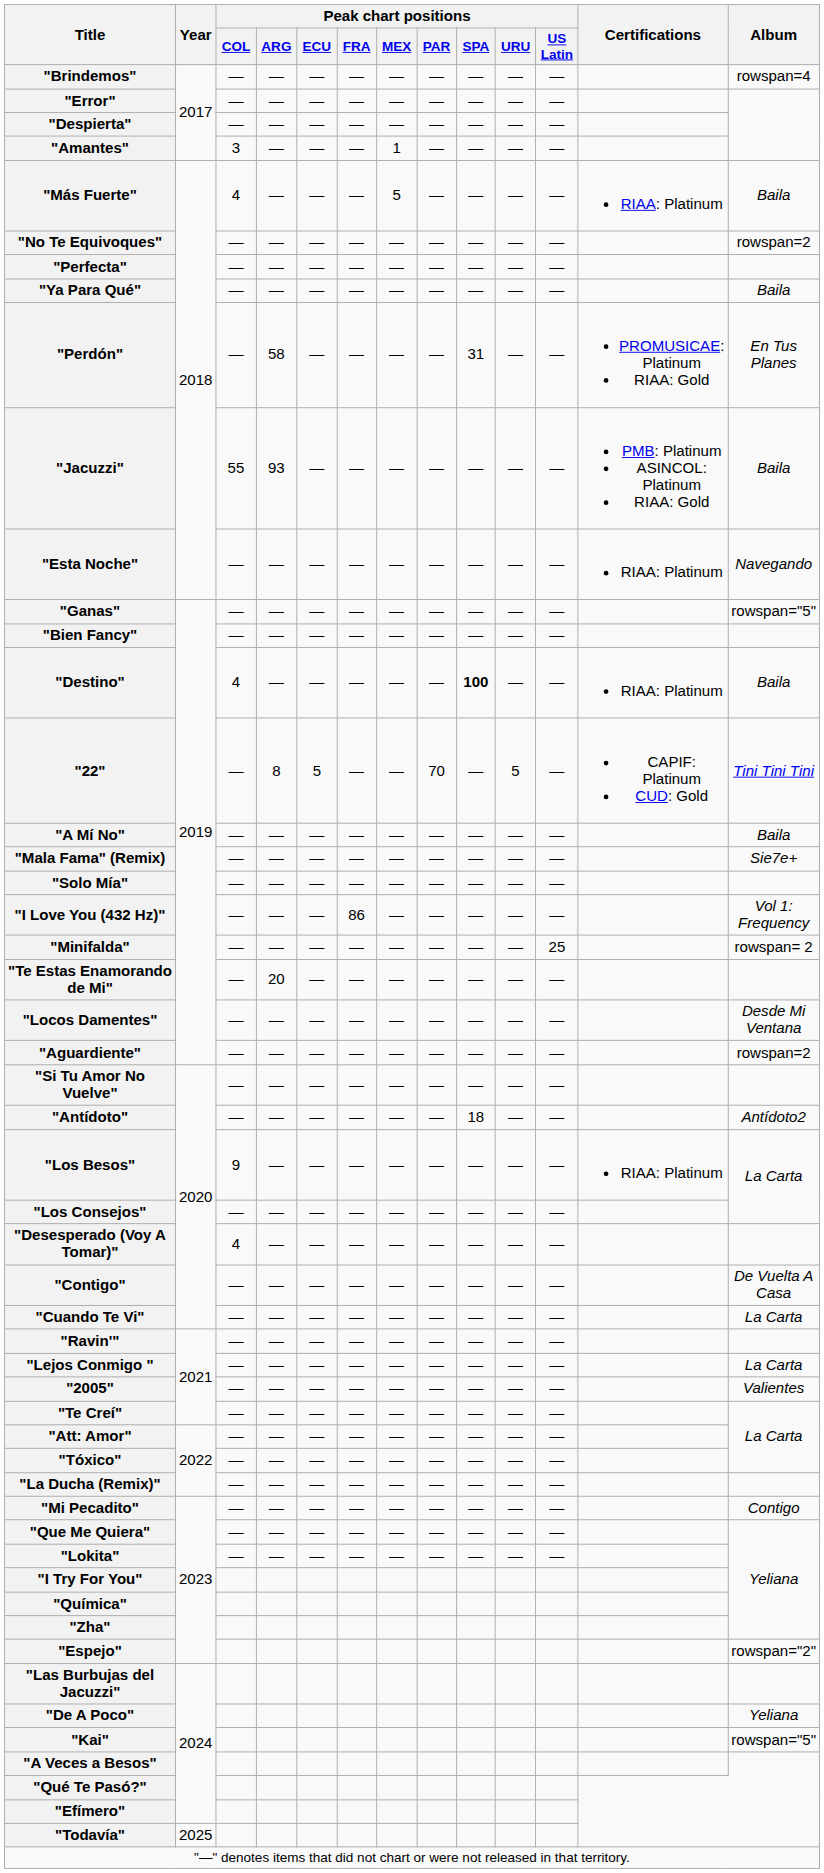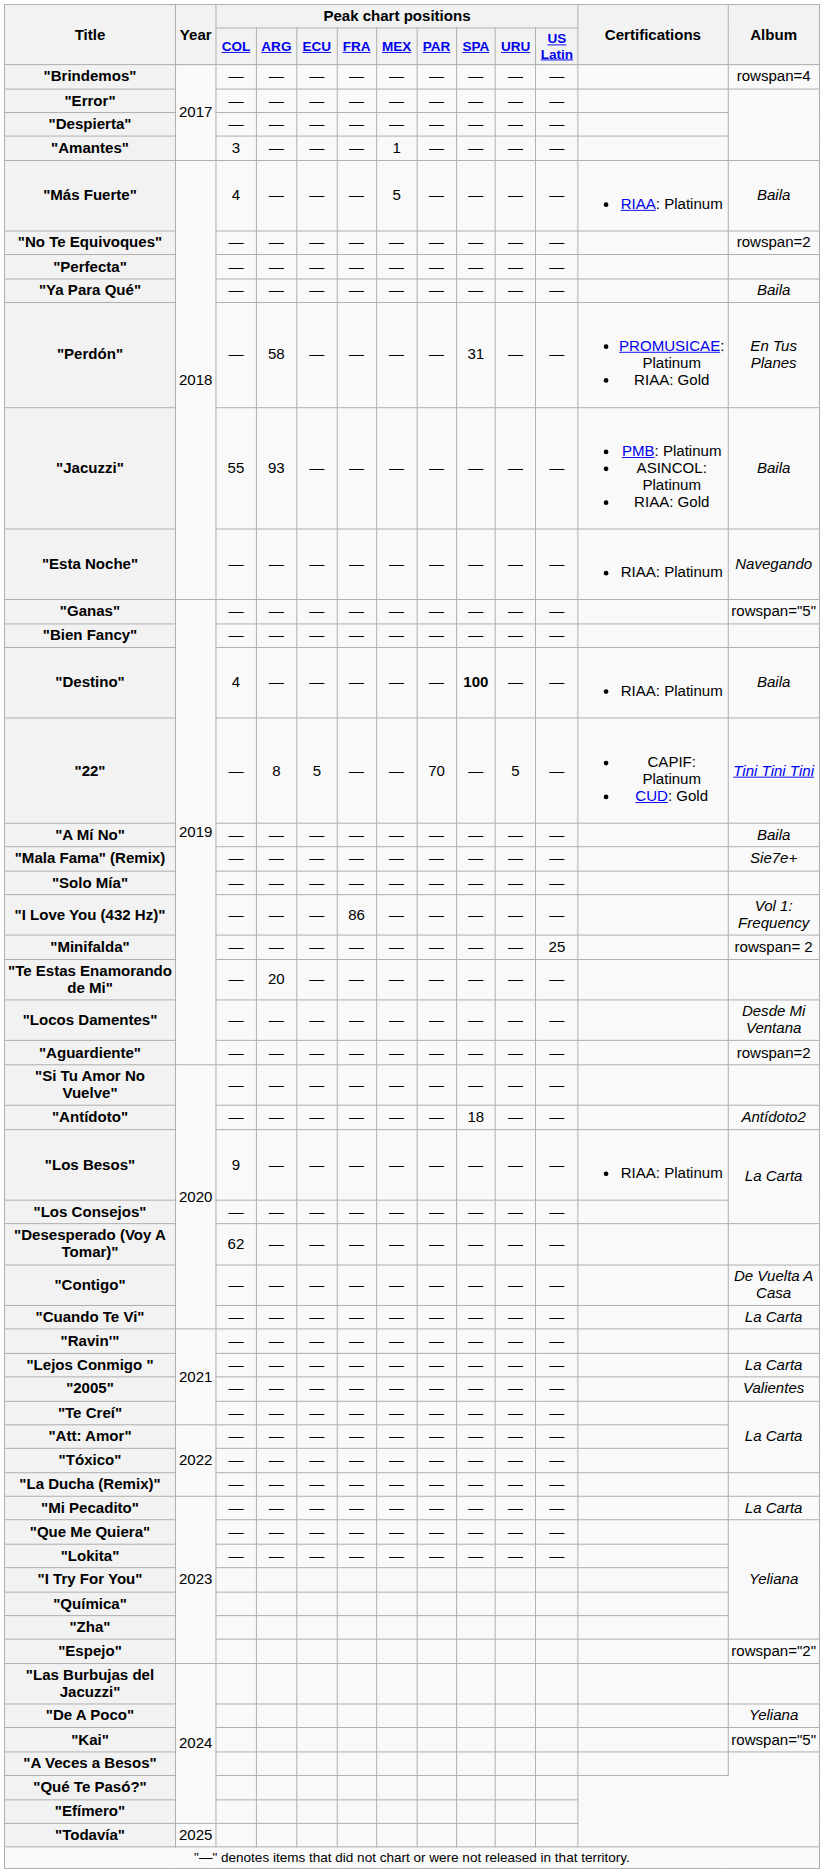 <table class="wikitable plainrowheaders" style="text-align:center;">
 <tr>
 <th scope="col" rowspan="2" style="width:16.5em;">Title</th>
 <th scope="col" rowspan="2" style="width:1em;">Year</th>
 <th colspan="9">Peak chart positions</th>
 <th scope="col" rowspan="2">Certifications</th>
 <th scope="col" rowspan="2">Album</th>
 </tr>
 <tr>
 <th scope="col" style="width:3em;font-size:90%;"><a href='#'>COL</a><br></th>
 <th scope="col" style="width:3em;font-size:90%;"><a href='#'>ARG</a><br></th>
 <th scope="col" style="width:3em;font-size:90%;"><a href='#'>ECU</a><br></th>
 <th scope="col" style="width:3em;font-size:90%;"><a href='#'>FRA</a><br></th>
 <th scope="col" style="width:3em;font-size:90%;"><a href='#'>MEX</a><br></th>
 <th scope="col" style="width:3em;font-size:90%;"><a href='#'>PAR</a><br></th>
 <th scope="col" style="width:3em;font-size:90%;"><a href='#'>SPA</a><br></th>
 <th scope="col" style="width:3em;font-size:90%;"><a href='#'>URU</a><br></th>
 <th scope="col" style="width:3em;font-size:90%;"><a href='#'>US<br>Latin</a><br></th>
 </tr>
 <tr>
 <th scope="row">"Brindemos"</th>
 <td rowspan="4">2017</td>
 <td>—</td>
 <td>—</td>
 <td>—</td>
 <td>—</td>
 <td>—</td>
 <td>—</td>
 <td>—</td>
 <td>—</td>
 <td>—</td>
 <td></td>
 <td>rowspan=4 </td>
 </tr>
 <tr>
 <th scope="row">"Error"</th>
 <td>—</td>
 <td>—</td>
 <td>—</td>
 <td>—</td>
 <td>—</td>
 <td>—</td>
 <td>—</td>
 <td>—</td>
 <td>—</td>
 <td></td>
 </tr>
 <tr>
 <th scope="row">"Despierta"</th>
 <td>—</td>
 <td>—</td>
 <td>—</td>
 <td>—</td>
 <td>—</td>
 <td>—</td>
 <td>—</td>
 <td>—</td>
 <td>—</td>
 <td></td>
 </tr>
 <tr>
 <th scope="row">"Amantes"<br></th>
 <td>3</td>
 <td>—</td>
 <td>—</td>
 <td>—</td>
 <td>1</td>
 <td>—</td>
 <td>—</td>
 <td>—</td>
 <td>—</td>
 <td></td>
 </tr>
 <tr>
 <th scope="row">"Más Fuerte"</th>
 <td rowspan="7">2018</td>
 <td>4</td>
 <td>—</td>
 <td>—</td>
 <td>—</td>
 <td>5</td>
 <td>—</td>
 <td>—</td>
 <td>—</td>
 <td>—</td>
 <td><br><ul><li><a href='#'>RIAA</a>: Platinum </li></ul></td>
 <td><em>Baila</em></td>
 </tr>
 <tr>
 <th scope="row">"No Te Equivoques"<br></th>
 <td>—</td>
 <td>—</td>
 <td>—</td>
 <td>—</td>
 <td>—</td>
 <td>—</td>
 <td>—</td>
 <td>—</td>
 <td>—</td>
 <td></td>
 <td>rowspan=2 </td>
 </tr>
 <tr>
 <th scope="row">"Perfecta"<br></th>
 <td>—</td>
 <td>—</td>
 <td>—</td>
 <td>—</td>
 <td>—</td>
 <td>—</td>
 <td>—</td>
 <td>—</td>
 <td>—</td>
 <td></td>
 </tr>
 <tr>
 <th scope="row">"Ya Para Qué"</th>
 <td>—</td>
 <td>—</td>
 <td>—</td>
 <td>—</td>
 <td>—</td>
 <td>—</td>
 <td>—</td>
 <td>—</td>
 <td>—</td>
 <td></td>
 <td><em>Baila</em></td>
 </tr>
 <tr>
 <th scope="row">"Perdón"<br></th>
 <td>—</td>
 <td>58</td>
 <td>—</td>
 <td>—</td>
 <td>—</td>
 <td>—</td>
 <td>31</td>
 <td>—</td>
 <td>—</td>
 <td><br><ul><li><a href='#'>PROMUSICAE</a>: Platinum</li><li>RIAA: Gold </li></ul></td>
 <td><em>En Tus Planes</em></td>
 </tr>
 <tr>
 <th scope="row">"Jacuzzi"<br></th>
 <td>55</td>
 <td>93</td>
 <td>—</td>
 <td>—</td>
 <td>—</td>
 <td>—</td>
 <td>—</td>
 <td>—</td>
 <td>—</td>
 <td><br><ul><li><a href='#'>PMB</a>: Platinum</li><li>ASINCOL: Platinum</li><li>RIAA: Gold </li></ul></td>
 <td><em>Baila</em></td>
 </tr>
 <tr>
 <th scope="row">"Esta Noche"<br></th>
 <td>—</td>
 <td>—</td>
 <td>—</td>
 <td>—</td>
 <td>—</td>
 <td>—</td>
 <td>—</td>
 <td>—</td>
 <td>—</td>
 <td><br><ul><li>RIAA: Platinum </li></ul></td>
 <td><em>Navegando</em></td>
 </tr>
 <tr>
 <th scope="row">"Ganas"</th>
 <td rowspan="12">2019</td>
 <td>—</td>
 <td>—</td>
 <td>—</td>
 <td>—</td>
 <td>—</td>
 <td>—</td>
 <td>—</td>
 <td>—</td>
 <td>—</td>
 <td></td>
 <td>rowspan="5" </td>
 </tr>
 <tr>
 <th scope="row">"Bien Fancy"<br></th>
 <td>—</td>
 <td>—</td>
 <td>—</td>
 <td>—</td>
 <td>—</td>
 <td>—</td>
 <td>—</td>
 <td>—</td>
 <td>—</td>
 <td></td>
 <td></td>
 </tr>
 <tr>
 <th scope="row">"Destino"<br></th>
 <td>4</td>
 <td>—</td>
 <td>—</td>
 <td>—</td>
 <td>—</td>
 <td>—</td>
 <td><strong>100</strong></td>
 <td>—</td>
 <td>—</td>
 <td><br><ul><li>RIAA: Platinum </li></ul></td>
 <td><em>Baila</em></td>
 </tr>
 <tr>
 <th scope="row">"22"<br></th>
 <td>—</td>
 <td>8</td>
 <td>5</td>
 <td>—</td>
 <td>—</td>
 <td>70</td>
 <td>—</td>
 <td>5</td>
 <td>—</td>
 <td><br><ul><li>CAPIF: Platinum</li><li><a href='#'>CUD</a>: Gold</li></ul></td>
 <td><em><a href='#'>Tini Tini Tini</a></em></td>
 </tr>
 <tr>
 <th scope="row">"A Mí No"</th>
 <td>—</td>
 <td>—</td>
 <td>—</td>
 <td>—</td>
 <td>—</td>
 <td>—</td>
 <td>—</td>
 <td>—</td>
 <td>—</td>
 <td></td>
 <td><em>Baila</em></td>
 </tr>
 <tr>
 <th scope="row">"Mala Fama" (Remix)<br></th>
 <td>—</td>
 <td>—</td>
 <td>—</td>
 <td>—</td>
 <td>—</td>
 <td>—</td>
 <td>—</td>
 <td>—</td>
 <td>—</td>
 <td></td>
 <td><em>Sie7e+</em></td>
 </tr>
 <tr>
 <th scope="row">"Solo Mía" <br></th>
 <td>—</td>
 <td>—</td>
 <td>—</td>
 <td>—</td>
 <td>—</td>
 <td>—</td>
 <td>—</td>
 <td>—</td>
 <td>—</td>
 <td></td>
 <td></td>
 </tr>
 <tr>
 <th scope="row">"I Love You (432 Hz)" <br></th>
 <td>—</td>
 <td>—</td>
 <td>—</td>
 <td>86</td>
 <td>—</td>
 <td>—</td>
 <td>—</td>
 <td>—</td>
 <td>—</td>
 <td></td>
 <td><em>Vol 1: Frequency</em></td>
 </tr>
 <tr>
 <th scope="row">"Minifalda" <br></th>
 <td>—</td>
 <td>—</td>
 <td>—</td>
 <td>—</td>
 <td>—</td>
 <td>—</td>
 <td>—</td>
 <td>—</td>
 <td>25</td>
 <td></td>
 <td>rowspan= 2 </td>
 </tr>
 <tr>
 <th scope="row">"Te Estas Enamorando de Mi" <br></th>
 <td>—</td>
 <td>20</td>
 <td>—</td>
 <td>—</td>
 <td>—</td>
 <td>—</td>
 <td>—</td>
 <td>—</td>
 <td>—</td>
 <td></td>
 </tr>
 <tr>
 <th scope="row">"Locos Damentes" <br></th>
 <td>—</td>
 <td>—</td>
 <td>—</td>
 <td>—</td>
 <td>—</td>
 <td>—</td>
 <td>—</td>
 <td>—</td>
 <td>—</td>
 <td></td>
 <td><em>Desde Mi Ventana</em></td>
 </tr>
 <tr>
 <th scope="row">"Aguardiente" <br></th>
 <td>—</td>
 <td>—</td>
 <td>—</td>
 <td>—</td>
 <td>—</td>
 <td>—</td>
 <td>—</td>
 <td>—</td>
 <td>—</td>
 <td></td>
 <td>rowspan=2 </td>
 </tr>
 <tr>
 <th scope="row">"Si Tu Amor No Vuelve"<br></th>
 <td rowspan="7">2020</td>
 <td>—</td>
 <td>—</td>
 <td>—</td>
 <td>—</td>
 <td>—</td>
 <td>—</td>
 <td>—</td>
 <td>—</td>
 <td>—</td>
 <td></td>
 </tr>
 <tr>
 <th scope="row">"Antídoto" <br></th>
 <td>—</td>
 <td>—</td>
 <td>—</td>
 <td>—</td>
 <td>—</td>
 <td>—</td>
 <td>18</td>
 <td>—</td>
 <td>—</td>
 <td></td>
 <td><em>Antídoto2</em></td>
 </tr>
 <tr>
 <th scope="row">"Los Besos"</th>
 <td>9</td>
 <td>—</td>
 <td>—</td>
 <td>—</td>
 <td>—</td>
 <td>—</td>
 <td>—</td>
 <td>—</td>
 <td>—</td>
 <td><br><ul><li>RIAA: Platinum </li></ul></td>
 <td rowspan=2><em>La Carta</em></td>
 </tr>
 <tr>
 <th scope="row">"Los Consejos"</th>
 <td>—</td>
 <td>—</td>
 <td>—</td>
 <td>—</td>
 <td>—</td>
 <td>—</td>
 <td>—</td>
 <td>—</td>
 <td>—</td>
 <td></td>
 </tr>
 <tr>
 <th scope="row">"Desesperado (Voy A Tomar)" <br></th>
-<td>4</td>
+<td>62</td>
 <td>—</td>
 <td>—</td>
 <td>—</td>
 <td>—</td>
 <td>—</td>
 <td>—</td>
 <td>—</td>
 <td>—</td>
 <td></td>
 <td></td>
 </tr>
 <tr>
 <th scope="row">"Contigo" <br></th>
 <td>—</td>
 <td>—</td>
 <td>—</td>
 <td>—</td>
 <td>—</td>
 <td>—</td>
 <td>—</td>
 <td>—</td>
 <td>—</td>
 <td></td>
 <td><em>De Vuelta A Casa</em></td>
 </tr>
 <tr>
 <th scope="row">"Cuando Te Vi"</th>
 <td>—</td>
 <td>—</td>
 <td>—</td>
 <td>—</td>
 <td>—</td>
 <td>—</td>
 <td>—</td>
 <td>—</td>
 <td>—</td>
 <td></td>
 <td><em>La Carta</em></td>
 </tr>
 <tr>
 <th scope="row">"Ravin'" <br></th>
 <td rowspan="4">2021</td>
 <td>—</td>
 <td>—</td>
 <td>—</td>
 <td>—</td>
 <td>—</td>
 <td>—</td>
 <td>—</td>
 <td>—</td>
 <td>—</td>
 <td></td>
 <td></td>
 </tr>
 <tr>
 <th scope="row">"Lejos Conmigo " <br></th>
 <td>—</td>
 <td>—</td>
 <td>—</td>
 <td>—</td>
 <td>—</td>
 <td>—</td>
 <td>—</td>
 <td>—</td>
 <td>—</td>
 <td></td>
 <td><em>La Carta</em></td>
 </tr>
 <tr>
 <th scope="row">"2005" <br></th>
 <td>—</td>
 <td>—</td>
 <td>—</td>
 <td>—</td>
 <td>—</td>
 <td>—</td>
 <td>—</td>
 <td>—</td>
 <td>—</td>
 <td></td>
 <td><em>Valientes</em></td>
 </tr>
 <tr>
 <th scope="row">"Te Creí" <br></th>
 <td>—</td>
 <td>—</td>
 <td>—</td>
 <td>—</td>
 <td>—</td>
 <td>—</td>
 <td>—</td>
 <td>—</td>
 <td>—</td>
 <td></td>
 <td rowspan="3"><em>La Carta</em></td>
 </tr>
 <tr>
 <th scope="row">"Att: Amor" <br></th>
 <td rowspan="3">2022</td>
 <td>—</td>
 <td>—</td>
 <td>—</td>
 <td>—</td>
 <td>—</td>
 <td>—</td>
 <td>—</td>
 <td>—</td>
 <td>—</td>
 <td></td>
 </tr>
 <tr>
 <th scope="row">"Tóxico"</th>
 <td>—</td>
 <td>—</td>
 <td>—</td>
 <td>—</td>
 <td>—</td>
 <td>—</td>
 <td>—</td>
 <td>—</td>
 <td>—</td>
 <td></td>
 </tr>
 <tr>
 <th scope="row">"La Ducha (Remix)"<br></th>
 <td>—</td>
 <td>—</td>
 <td>—</td>
 <td>—</td>
 <td>—</td>
 <td>—</td>
 <td>—</td>
 <td>—</td>
 <td>—</td>
 <td></td>
 <td></td>
 </tr>
 <tr>
 <th scope="row">"Mi Pecadito" <br></th>
 <td rowspan="7">2023</td>
 <td>—</td>
 <td>—</td>
 <td>—</td>
 <td>—</td>
 <td>—</td>
 <td>—</td>
 <td>—</td>
 <td>—</td>
 <td>—</td>
 <td></td>
-<td><em>Contigo</em></td>
+<td><em>La Carta</em></td>
 </tr>
 <tr>
 <th scope="row">"Que Me Quiera"</th>
 <td>—</td>
 <td>—</td>
 <td>—</td>
 <td>—</td>
 <td>—</td>
 <td>—</td>
 <td>—</td>
 <td>—</td>
 <td>—</td>
 <td></td>
 <td rowspan="5"><em>Yeliana</em></td>
 </tr>
 <tr>
 <th scope="row">"Lokita"</th>
 <td>—</td>
 <td>—</td>
 <td>—</td>
 <td>—</td>
 <td>—</td>
 <td>—</td>
 <td>—</td>
 <td>—</td>
 <td>—</td>
 <td></td>
 </tr>
 <tr>
 <th scope="row">"I Try For You"</th>
 <td></td>
 <td></td>
 <td></td>
 <td></td>
 <td></td>
 <td></td>
 <td></td>
 <td></td>
 <td></td>
 <td></td>
 </tr>
 <tr>
 <th scope="row">"Química"</th>
 <td></td>
 <td></td>
 <td></td>
 <td></td>
 <td></td>
 <td></td>
 <td></td>
 <td></td>
 <td></td>
 <td></td>
 </tr>
 <tr>
 <th scope="row">"Zha" <br></th>
 <td></td>
 <td></td>
 <td></td>
 <td></td>
 <td></td>
 <td></td>
 <td></td>
 <td></td>
 <td></td>
 <td></td>
 </tr>
 <tr>
 <th scope="row">"Espejo"</th>
 <td></td>
 <td></td>
 <td></td>
 <td></td>
 <td></td>
 <td></td>
 <td></td>
 <td></td>
 <td></td>
 <td></td>
 <td>rowspan="2" </td>
 </tr>
 <tr>
 <th scope="row">"Las Burbujas del Jacuzzi" <br></th>
 <td rowspan="6">2024</td>
 <td></td>
 <td></td>
 <td></td>
 <td></td>
 <td></td>
 <td></td>
 <td></td>
 <td></td>
 <td></td>
 <td></td>
 </tr>
 <tr>
 <th scope="row">"De A Poco"</th>
 <td></td>
 <td></td>
 <td></td>
 <td></td>
 <td></td>
 <td></td>
 <td></td>
 <td></td>
 <td></td>
 <td></td>
 <td><em>Yeliana</em></td>
 </tr>
 <tr>
 <th scope="row">"Kai"</th>
 <td></td>
 <td></td>
 <td></td>
 <td></td>
 <td></td>
 <td></td>
 <td></td>
 <td></td>
 <td></td>
 <td></td>
 <td>rowspan="5" </td>
 </tr>
 <tr>
 <th scope="row">"A Veces a Besos" <br></th>
 <td></td>
 <td></td>
 <td></td>
 <td></td>
 <td></td>
 <td></td>
 <td></td>
 <td></td>
 <td></td>
 <td></td>
 </tr>
 <tr>
 <th scope="row">"Qué Te Pasó?" <br></th>
 <td></td>
 <td></td>
 <td></td>
 <td></td>
 <td></td>
 <td></td>
 <td></td>
 <td></td>
 <td></td>
 </tr>
 <tr>
 <th scope="row">"Efímero"</th>
 <td></td>
 <td></td>
 <td></td>
 <td></td>
 <td></td>
 <td></td>
 <td></td>
 <td></td>
 <td></td>
 </tr>
 <tr>
 <th scope="row">"Todavía" <br></th>
 <td rowspan="1">2025</td>
 <td></td>
 <td></td>
 <td></td>
 <td></td>
 <td></td>
 <td></td>
 <td></td>
 <td></td>
 <td></td>
 </tr>
 <tr>
 <td colspan="15" style="font-size:90%">"—" denotes items that did not chart or were not released in that territory.</td>
 </tr>
 </table>
